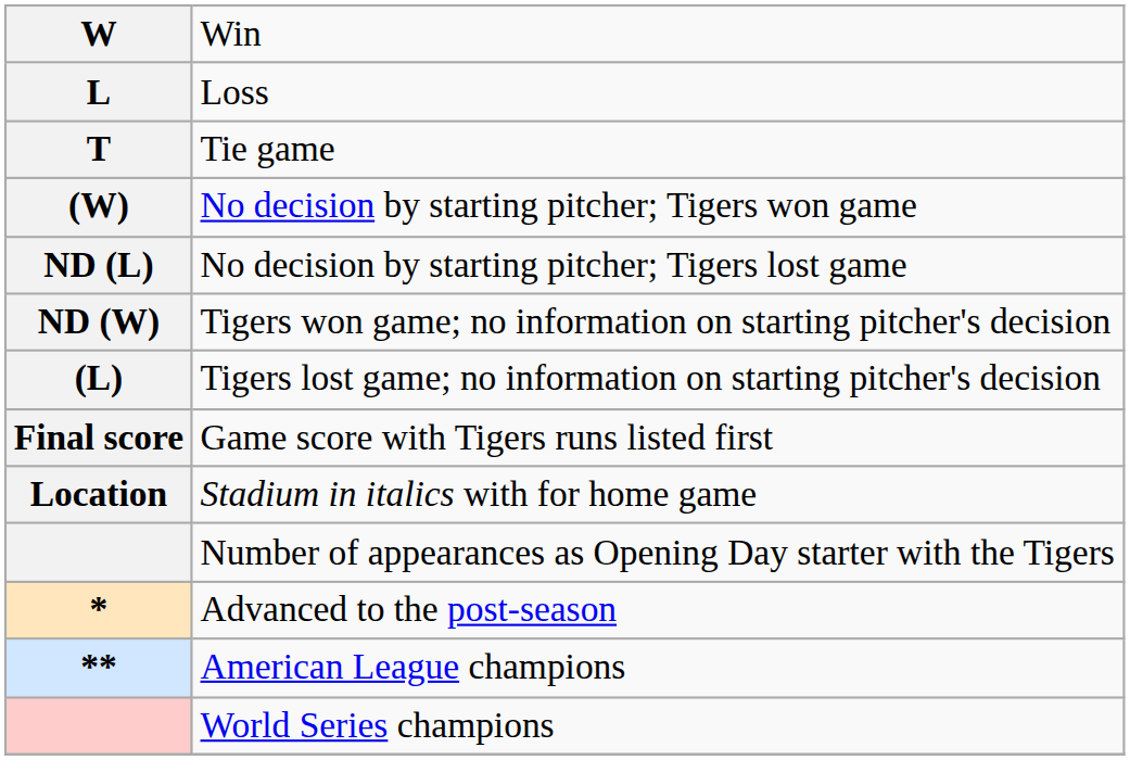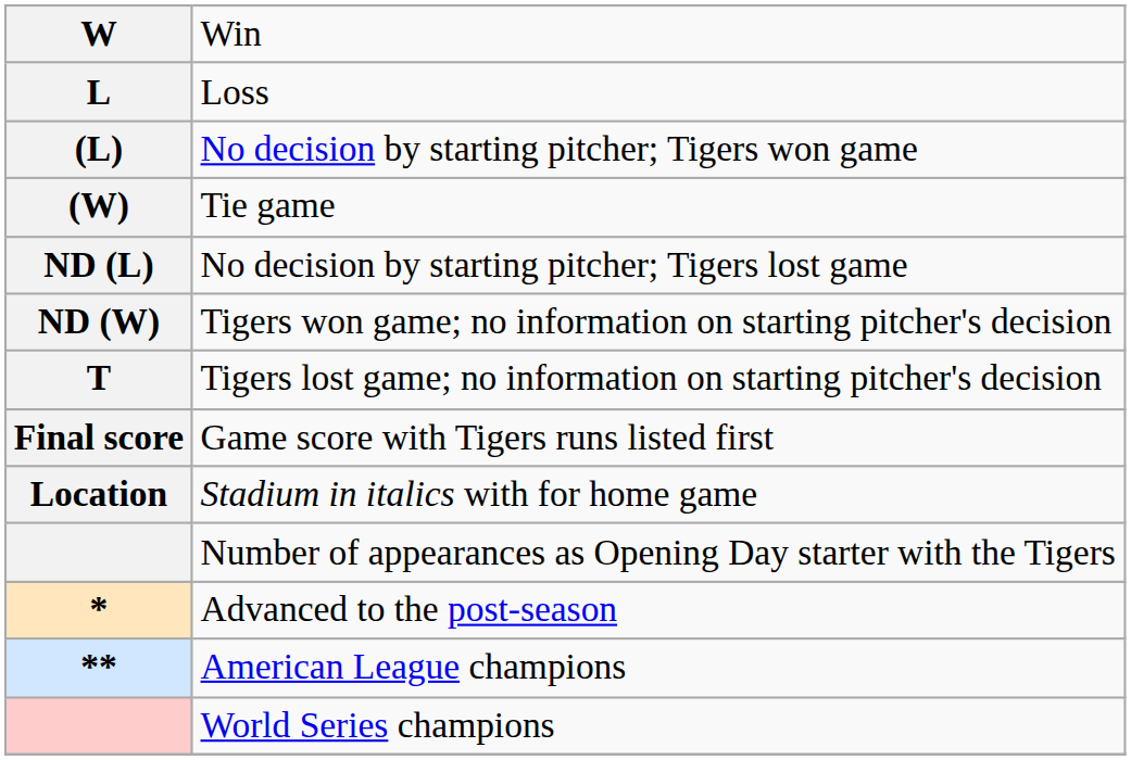 <table class="wikitable plainrowheaders">
 <tr>
 <th scope="row" align="center">W</th>
 <td>Win</td>
 </tr>
 <tr>
 <th scope="row" align="center">L</th>
 <td>Loss</td>
 </tr>
 <tr>
-<th scope="row" align="center">T</th>
-<td>Tie game</td>
+<th scope="row" align="center">(L)</th>
+<td><a href='#'>No decision</a> by starting pitcher; Tigers won game</td>
 </tr>
 <tr>
 <th scope="row" align="center">(W)</th>
-<td><a href='#'>No decision</a> by starting pitcher; Tigers won game</td>
+<td>Tie game</td>
 </tr>
 <tr>
 <th scope="row" align="center">ND (L)</th>
 <td>No decision by starting pitcher; Tigers lost game</td>
 </tr>
 <tr>
 <th scope="row" align="center">ND (W)</th>
 <td>Tigers won game; no information on starting pitcher's decision</td>
 </tr>
 <tr>
-<th scope="row" align="center">(L)</th>
+<th scope="row" align="center">T</th>
 <td>Tigers lost game; no information on starting pitcher's decision</td>
 </tr>
 <tr>
 <th scope="row" align="center">Final score</th>
 <td>Game score with Tigers runs listed first</td>
 </tr>
 <tr>
 <th scope="row" align="center">Location</th>
 <td><em>Stadium in italics</em> with  for home game</td>
 </tr>
 <tr>
 <th scope="row" align="center"></th>
 <td>Number of appearances as Opening Day starter with the Tigers</td>
 </tr>
 <tr>
 <th style="background-color: #FFE6BD" scope="row" align="center">*</th>
 <td>Advanced to the <a href='#'>post-season</a></td>
 </tr>
 <tr>
 <th style="background-color: #D0E7FF" scope="row" align="center">**</th>
 <td><a href='#'>American League</a> champions</td>
 </tr>
 <tr>
 <th style="background-color: #FFCCCC" scope="row" align="center"></th>
 <td><a href='#'>World Series</a> champions</td>
 </tr>
 <tr>
 </tr>
 </table>
